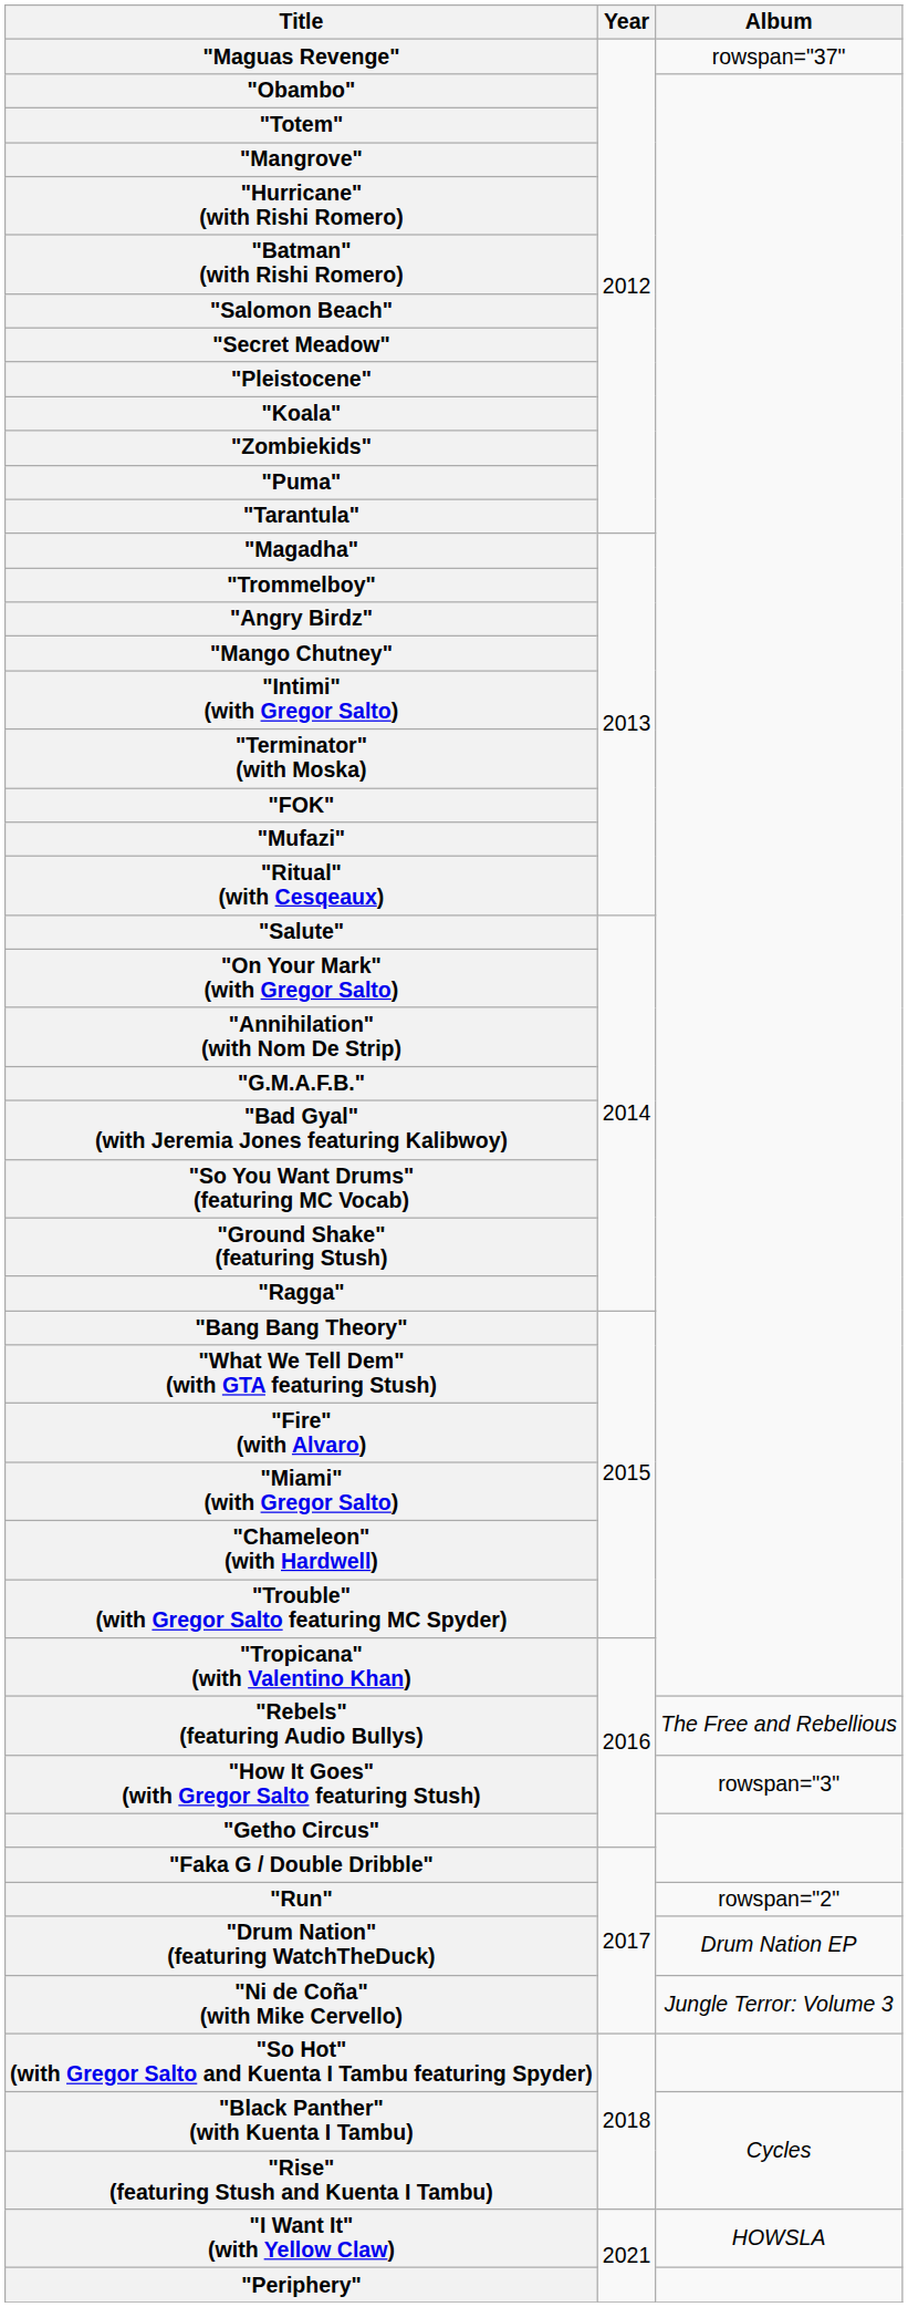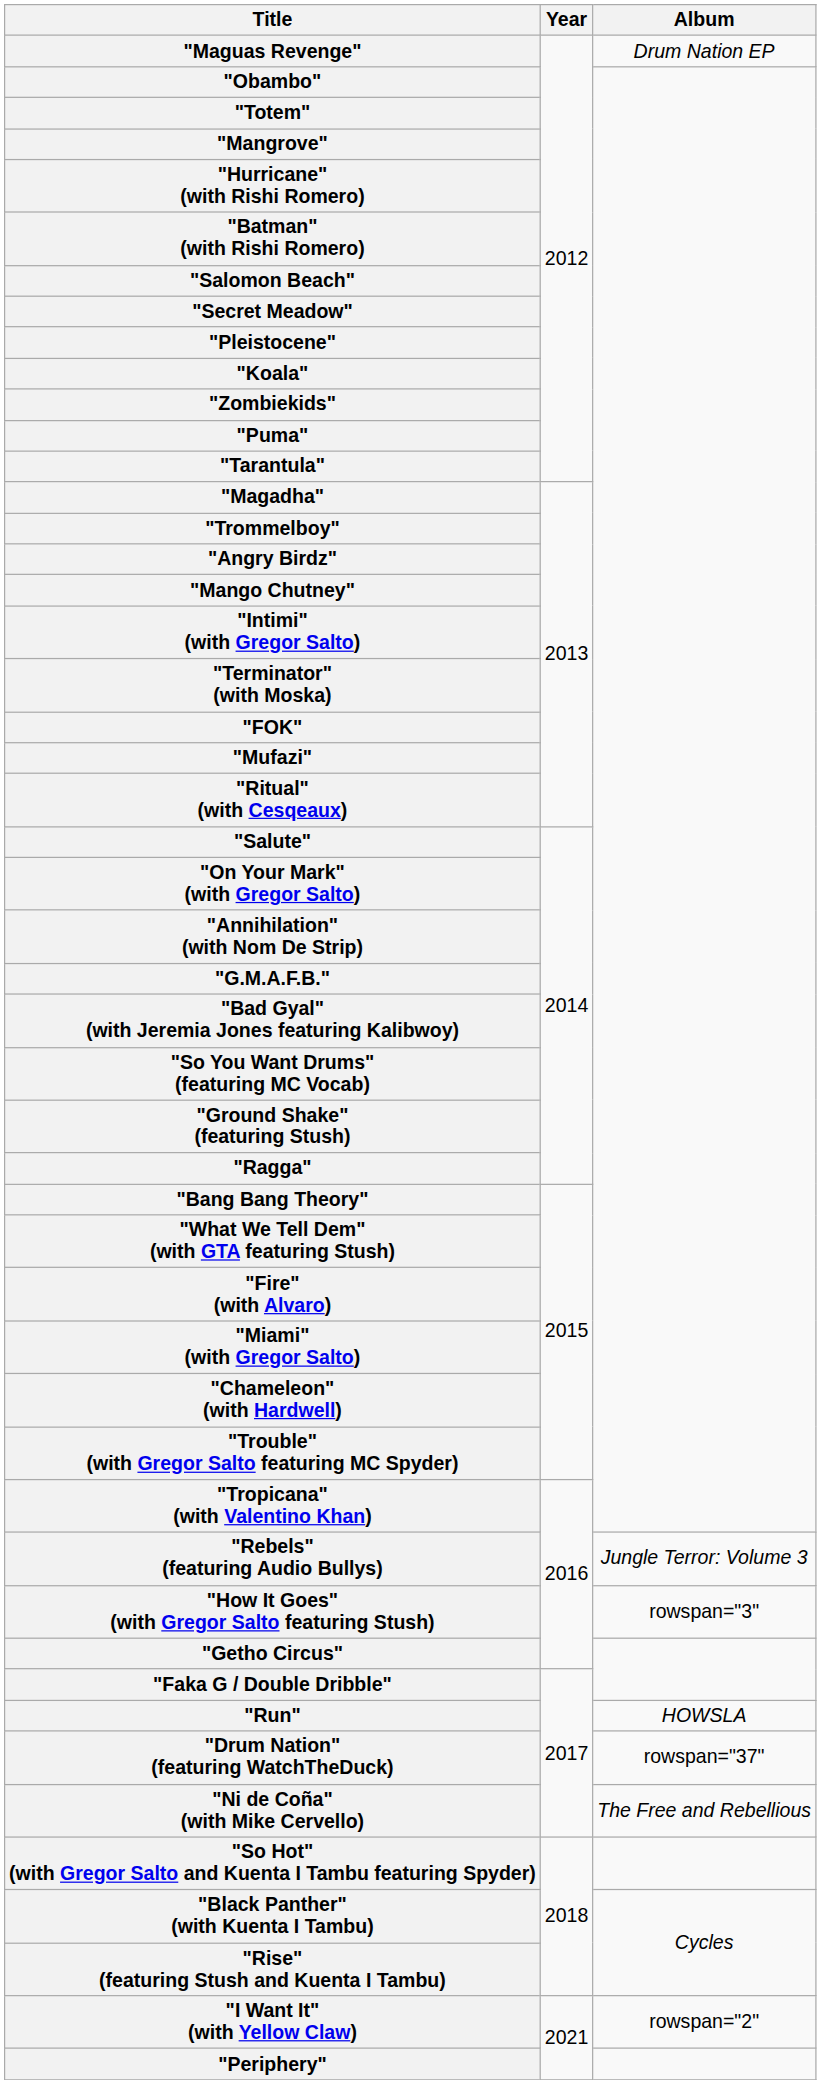 <table class="wikitable plainrowheaders" style="text-align:center;">
 <tr>
 <th scope="col">Title</th>
 <th scope="col">Year</th>
 <th>Album</th>
 </tr>
 <tr>
 <th scope="row">"Maguas Revenge"</th>
 <td rowspan="13">2012</td>
-<td>rowspan="37" </td>
+<td><em>Drum Nation EP</em></td>
 </tr>
 <tr>
 <th scope="row">"Obambo"</th>
 </tr>
 <tr>
 <th scope="row">"Totem"</th>
 </tr>
 <tr>
 <th scope="row">"Mangrove"</th>
 </tr>
 <tr>
 <th scope="row">"Hurricane"<br><span>(with Rishi Romero)</span></th>
 </tr>
 <tr>
 <th scope="row">"Batman"<br><span>(with Rishi Romero)</span></th>
 </tr>
 <tr>
 <th scope="row">"Salomon Beach"</th>
 </tr>
 <tr>
 <th scope="row">"Secret Meadow"</th>
 </tr>
 <tr>
 <th scope="row">"Pleistocene"</th>
 </tr>
 <tr>
 <th scope="row">"Koala"</th>
 </tr>
 <tr>
 <th scope="row">"Zombiekids"</th>
 </tr>
 <tr>
 <th scope="row">"Puma"</th>
 </tr>
 <tr>
 <th scope="row">"Tarantula"</th>
 </tr>
 <tr>
 <th scope="row">"Magadha"</th>
 <td rowspan="9">2013</td>
 </tr>
 <tr>
 <th scope="row">"Trommelboy"</th>
 </tr>
 <tr>
 <th scope="row">"Angry Birdz"</th>
 </tr>
 <tr>
 <th scope="row">"Mango Chutney"</th>
 </tr>
 <tr>
 <th scope="row">"Intimi"<br><span>(with <a href='#'>Gregor Salto</a>)</span></th>
 </tr>
 <tr>
 <th scope="row">"Terminator"<br><span>(with Moska)</span></th>
 </tr>
 <tr>
 <th scope="row">"FOK"</th>
 </tr>
 <tr>
 <th scope="row">"Mufazi"</th>
 </tr>
 <tr>
 <th scope="row">"Ritual"<br><span>(with <a href='#'>Cesqeaux</a>)</span></th>
 </tr>
 <tr>
 <th scope="row">"Salute"</th>
 <td rowspan="8">2014</td>
 </tr>
 <tr>
 <th scope="row">"On Your Mark"<br><span>(with <a href='#'>Gregor Salto</a>)</span></th>
 </tr>
 <tr>
 <th scope="row">"Annihilation"<br><span>(with Nom De Strip)</span></th>
 </tr>
 <tr>
 <th scope="row">"G.M.A.F.B."</th>
 </tr>
 <tr>
 <th scope="row">"Bad Gyal"<br><span>(with Jeremia Jones featuring Kalibwoy)</span></th>
 </tr>
 <tr>
 <th scope="row">"So You Want Drums"<br><span>(featuring MC Vocab)</span></th>
 </tr>
 <tr>
 <th scope="row">"Ground Shake"<br><span>(featuring Stush)</span></th>
 </tr>
 <tr>
 <th scope="row">"Ragga"</th>
 </tr>
 <tr>
 <th scope="row">"Bang Bang Theory"</th>
 <td rowspan="6">2015</td>
 </tr>
 <tr>
 <th scope="row">"What We Tell Dem"<br><span>(with <a href='#'>GTA</a> featuring Stush)</span></th>
 </tr>
 <tr>
 <th scope="row">"Fire"<br><span>(with <a href='#'>Alvaro</a>)</span></th>
 </tr>
 <tr>
 <th scope="row">"Miami"<br><span>(with <a href='#'>Gregor Salto</a>)</span></th>
 </tr>
 <tr>
 <th scope="row">"Chameleon"<br><span>(with <a href='#'>Hardwell</a>)</span></th>
 </tr>
 <tr>
 <th scope="row">"Trouble"<br><span>(with <a href='#'>Gregor Salto</a> featuring MC Spyder)</span></th>
 </tr>
 <tr>
 <th scope="row">"Tropicana"<br><span>(with <a href='#'>Valentino Khan</a>)</span></th>
 <td rowspan="4">2016</td>
 </tr>
 <tr>
 <th scope="row">"Rebels"<br><span>(featuring Audio Bullys)</span></th>
-<td><em>The Free and Rebellious</em></td>
+<td><em>Jungle Terror: Volume 3</em></td>
 </tr>
 <tr>
 <th scope="row">"How It Goes"<br><span>(with <a href='#'>Gregor Salto</a> featuring Stush)</span></th>
 <td>rowspan="3" </td>
 </tr>
 <tr>
 <th scope="row">"Getho Circus"</th>
 </tr>
 <tr>
 <th scope="row">"Faka G / Double Dribble"</th>
 <td rowspan="4">2017</td>
 </tr>
 <tr>
 <th scope="row">"Run"</th>
-<td>rowspan="2" </td>
+<td><em>HOWSLA</em></td>
 </tr>
 <tr>
 <th scope="row">"Drum Nation"<br><span>(featuring WatchTheDuck)</span></th>
-<td><em>Drum Nation EP</em></td>
+<td>rowspan="37" </td>
 </tr>
 <tr>
 <th scope="row">"Ni de Coña"<br><span>(with Mike Cervello)</span></th>
-<td><em>Jungle Terror: Volume 3</em></td>
+<td><em>The Free and Rebellious</em></td>
 </tr>
 <tr>
 <th scope="row">"So Hot" <br><span>(with <a href='#'>Gregor Salto</a> and Kuenta I Tambu featuring Spyder)</span></th>
 <td rowspan="3">2018</td>
 <td></td>
 </tr>
 <tr>
 <th scope="row">"Black Panther" <br><span>(with Kuenta I Tambu)</span></th>
 <td rowspan="2"><em>Cycles</em></td>
 </tr>
 <tr>
 <th scope="row">"Rise" <br><span>(featuring Stush and Kuenta I Tambu)</span></th>
 </tr>
 <tr>
 <th scope="row">"I Want It" <br><span>(with <a href='#'>Yellow Claw</a>)</span></th>
 <td rowspan="2">2021</td>
-<td><em>HOWSLA</em></td>
+<td>rowspan="2" </td>
 </tr>
 <tr>
 <th scope="row">"Periphery"</th>
 </tr>
 </table>
